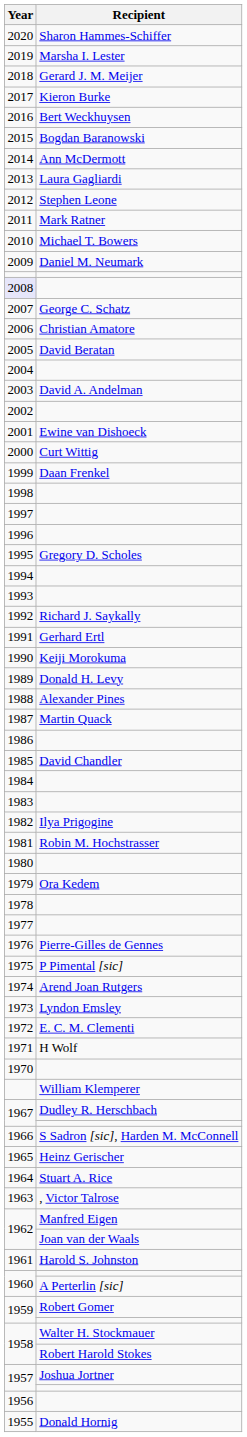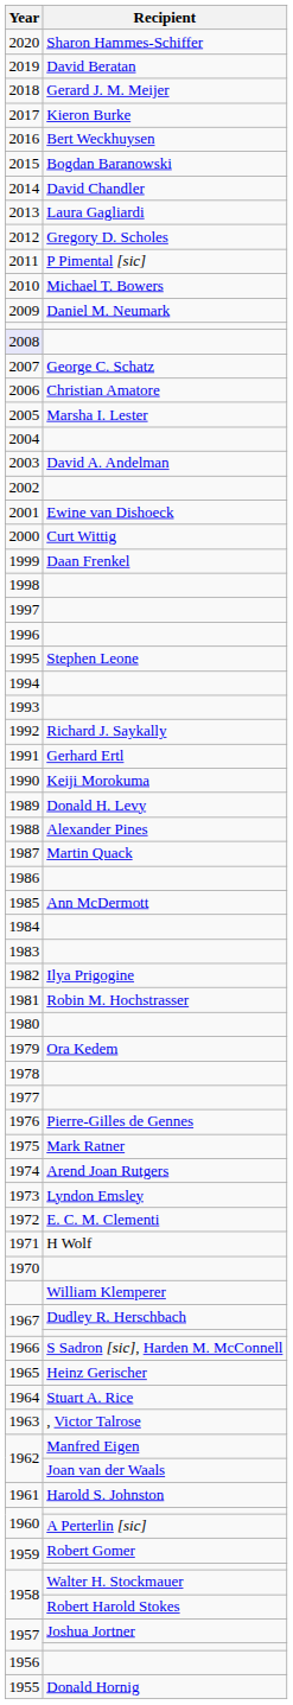 <table class="wikitable">
 <tr>
 <th>Year</th>
 <th>Recipient</th>
 </tr>
 <tr>
 <td>2020</td>
 <td><a href='#'>Sharon Hammes-Schiffer</a></td>
 </tr>
 <tr>
 <td>2019</td>
-<td><a href='#'>Marsha I. Lester</a></td>
+<td><a href='#'>David Beratan</a></td>
 </tr>
 <tr>
 <td>2018</td>
 <td><a href='#'>Gerard J. M. Meijer</a></td>
 </tr>
 <tr>
 <td>2017</td>
 <td><a href='#'>Kieron Burke</a></td>
 </tr>
 <tr>
 <td>2016</td>
 <td><a href='#'>Bert Weckhuysen</a></td>
 </tr>
 <tr>
 <td>2015</td>
 <td><a href='#'>Bogdan Baranowski</a></td>
 </tr>
 <tr>
 <td>2014</td>
-<td><a href='#'>Ann McDermott</a></td>
+<td><a href='#'>David Chandler</a></td>
 </tr>
 <tr>
 <td>2013</td>
 <td><a href='#'>Laura Gagliardi</a></td>
 </tr>
 <tr>
 <td>2012</td>
-<td><a href='#'>Stephen Leone</a></td>
+<td><a href='#'>Gregory D. Scholes</a></td>
 </tr>
 <tr>
 <td>2011</td>
-<td><a href='#'>Mark Ratner</a></td>
+<td><a href='#'>P Pimental</a> <em>[sic]</em></td>
 </tr>
 <tr>
 <td>2010</td>
 <td><a href='#'>Michael T. Bowers</a></td>
 </tr>
 <tr>
 <td>2009</td>
 <td><a href='#'>Daniel M. Neumark</a></td>
 </tr>
 <tr>
 <td></td>
 <td></td>
 </tr>
 <tr>
 <td style="background: lavender;">2008</td>
 <td></td>
 </tr>
 <tr>
 <td>2007</td>
 <td><a href='#'>George C. Schatz</a></td>
 </tr>
 <tr>
 <td>2006</td>
 <td><a href='#'>Christian Amatore</a></td>
 </tr>
 <tr>
 <td>2005</td>
-<td><a href='#'>David Beratan</a></td>
+<td><a href='#'>Marsha I. Lester</a></td>
 </tr>
 <tr>
 <td>2004</td>
 <td></td>
 </tr>
 <tr>
 <td>2003</td>
 <td><a href='#'>David A. Andelman</a></td>
 </tr>
 <tr>
 <td>2002</td>
 <td></td>
 </tr>
 <tr>
 <td>2001</td>
 <td><a href='#'>Ewine van Dishoeck</a></td>
 </tr>
 <tr>
 <td>2000</td>
 <td><a href='#'>Curt Wittig</a></td>
 </tr>
 <tr>
 <td>1999</td>
 <td><a href='#'>Daan Frenkel</a></td>
 </tr>
 <tr>
 <td>1998</td>
 <td></td>
 </tr>
 <tr>
 <td>1997</td>
 <td></td>
 </tr>
 <tr>
 <td>1996</td>
 <td></td>
 </tr>
 <tr>
 <td>1995</td>
-<td><a href='#'>Gregory D. Scholes</a></td>
+<td><a href='#'>Stephen Leone</a></td>
 </tr>
 <tr>
 <td>1994</td>
 <td></td>
 </tr>
 <tr>
 <td>1993</td>
 <td></td>
 </tr>
 <tr>
 <td>1992</td>
 <td><a href='#'>Richard J. Saykally</a></td>
 </tr>
 <tr>
 <td>1991</td>
 <td><a href='#'>Gerhard Ertl</a></td>
 </tr>
 <tr>
 <td>1990</td>
 <td><a href='#'>Keiji Morokuma</a></td>
 </tr>
 <tr>
 <td>1989</td>
 <td><a href='#'>Donald H. Levy</a></td>
 </tr>
 <tr>
 <td>1988</td>
 <td><a href='#'>Alexander Pines</a></td>
 </tr>
 <tr>
 <td>1987</td>
 <td><a href='#'>Martin Quack</a></td>
 </tr>
 <tr>
 <td>1986</td>
 <td></td>
 </tr>
 <tr>
 <td>1985</td>
-<td><a href='#'>David Chandler</a></td>
+<td><a href='#'>Ann McDermott</a></td>
 </tr>
 <tr>
 <td>1984</td>
 <td></td>
 </tr>
 <tr>
 <td>1983</td>
 <td></td>
 </tr>
 <tr>
 <td>1982</td>
 <td><a href='#'>Ilya Prigogine</a></td>
 </tr>
 <tr>
 <td>1981</td>
 <td><a href='#'>Robin M. Hochstrasser</a></td>
 </tr>
 <tr>
 <td>1980</td>
 <td></td>
 </tr>
 <tr>
 <td>1979</td>
 <td><a href='#'>Ora Kedem</a></td>
 </tr>
 <tr>
 <td>1978</td>
 <td></td>
 </tr>
 <tr>
 <td>1977</td>
 <td></td>
 </tr>
 <tr>
 <td>1976</td>
 <td><a href='#'>Pierre-Gilles de Gennes</a></td>
 </tr>
 <tr>
 <td>1975</td>
-<td><a href='#'>P Pimental</a> <em>[sic]</em></td>
+<td><a href='#'>Mark Ratner</a></td>
 </tr>
 <tr>
 <td>1974</td>
 <td><a href='#'>Arend Joan Rutgers</a></td>
 </tr>
 <tr>
 <td>1973</td>
 <td><a href='#'>Lyndon Emsley</a></td>
 </tr>
 <tr>
 <td>1972</td>
 <td><a href='#'>E. C. M. Clementi</a></td>
 </tr>
 <tr>
 <td>1971</td>
 <td>H Wolf</td>
 </tr>
 <tr>
 <td>1970</td>
 <td></td>
 </tr>
 <tr>
 <td></td>
 <td><a href='#'>William Klemperer</a></td>
 </tr>
 <tr>
 <td rowspan=2>1967</td>
 <td><a href='#'>Dudley R. Herschbach</a></td>
 </tr>
 <tr>
 <td></td>
 </tr>
 <tr>
 <td>1966</td>
 <td><a href='#'>S Sadron</a> <em>[sic]</em>, <a href='#'>Harden M. McConnell</a></td>
 </tr>
 <tr>
 <td>1965</td>
 <td><a href='#'>Heinz Gerischer</a></td>
 </tr>
 <tr>
 <td>1964</td>
 <td><a href='#'>Stuart A. Rice</a></td>
 </tr>
 <tr>
 <td>1963</td>
 <td>, <a href='#'>Victor Talrose</a></td>
 </tr>
 <tr>
 <td rowspan=2>1962</td>
 <td><a href='#'>Manfred Eigen</a></td>
 </tr>
 <tr>
 <td><a href='#'>Joan van der Waals</a></td>
 </tr>
 <tr>
 <td>1961</td>
 <td><a href='#'>Harold S. Johnston</a></td>
 </tr>
 <tr>
 <td rowspan=2>1960</td>
 <td></td>
 </tr>
 <tr>
 <td><a href='#'>A Perterlin</a> <em>[sic]</em></td>
 </tr>
 <tr>
 <td rowspan=2>1959</td>
 <td><a href='#'>Robert Gomer</a></td>
 </tr>
 <tr>
 <td></td>
 </tr>
 <tr>
 <td rowspan=2>1958</td>
 <td><a href='#'>Walter H. Stockmauer</a></td>
 </tr>
 <tr>
 <td><a href='#'>Robert Harold Stokes</a></td>
 </tr>
 <tr>
 <td rowspan=2>1957</td>
 <td><a href='#'>Joshua Jortner</a></td>
 </tr>
 <tr>
 <td></td>
 </tr>
 <tr>
 <td>1956</td>
 <td></td>
 </tr>
 <tr>
 <td>1955</td>
 <td><a href='#'>Donald Hornig</a></td>
 </tr>
 </table>
